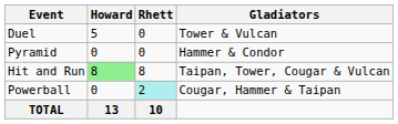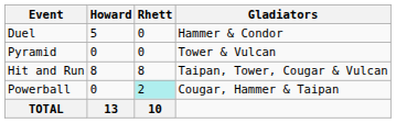 <table class="wikitable">
 <tr>
 <th>Event</th>
 <th>Howard</th>
 <th>Rhett</th>
 <th>Gladiators</th>
 </tr>
 <tr>
 <td>Duel</td>
 <td>5</td>
 <td>0</td>
-<td>Tower & Vulcan</td>
+<td>Hammer & Condor</td>
 </tr>
 <tr>
 <td>Pyramid</td>
 <td>0</td>
 <td>0</td>
-<td>Hammer & Condor</td>
+<td>Tower & Vulcan</td>
 </tr>
 <tr>
 <td>Hit and Run</td>
-<td style="background: lightgreen;">8</td>
+<td>8</td>
 <td>8</td>
 <td>Taipan, Tower, Cougar & Vulcan</td>
 </tr>
 <tr>
 <td>Powerball</td>
 <td>0</td>
 <td style="background: paleturquoise;">2</td>
 <td>Cougar, Hammer & Taipan</td>
 </tr>
 <tr>
 <th>TOTAL</th>
 <th>13</th>
 <th>10</th>
 </tr>
 </table>
